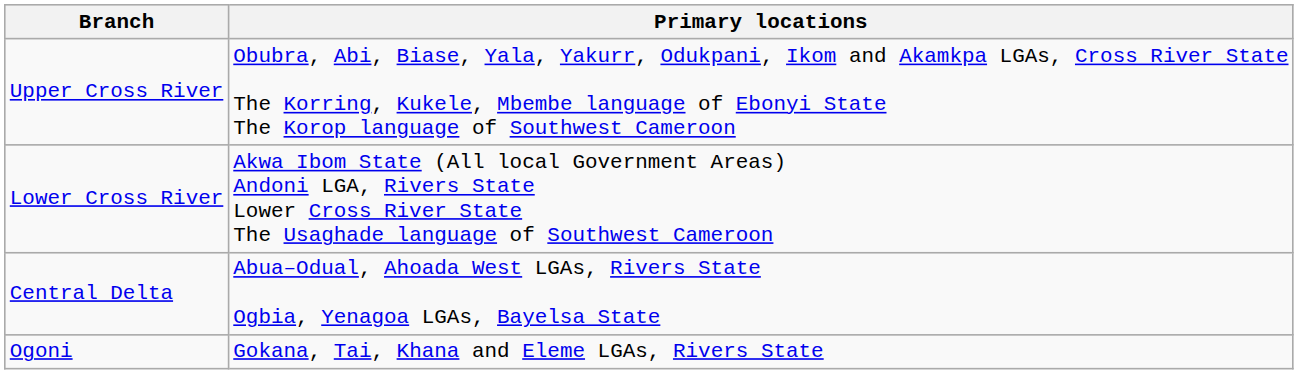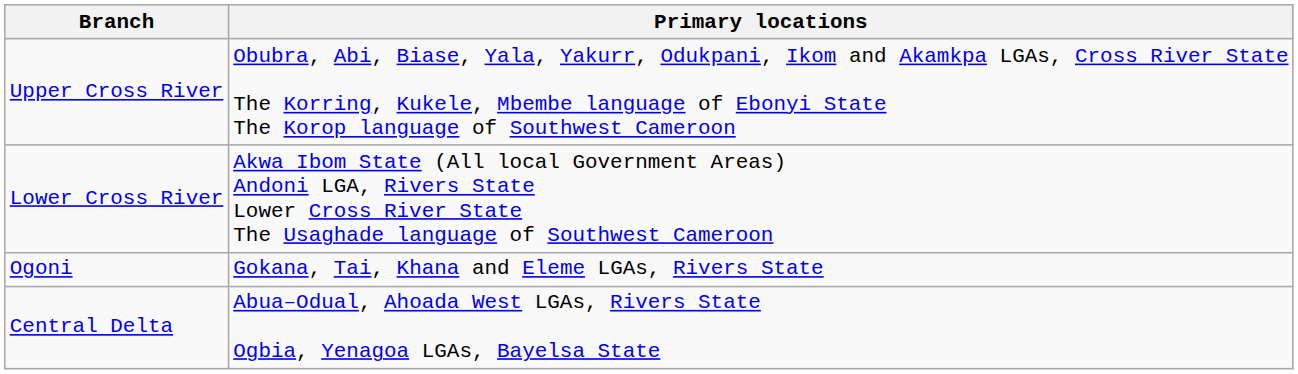 <table class="wikitable">
 <tr>
 <th>Branch</th>
 <th>Primary locations</th>
 </tr>
 <tr>
 <td><a href='#'>Upper Cross River</a></td>
 <td><a href='#'>Obubra</a>, <a href='#'>Abi</a>, <a href='#'>Biase</a>, <a href='#'>Yala</a>, <a href='#'>Yakurr</a>, <a href='#'>Odukpani</a>, <a href='#'>Ikom</a> and <a href='#'>Akamkpa</a> LGAs, <a href='#'>Cross River State</a><br><br>The <a href='#'>Korring</a>, <a href='#'>Kukele</a>, <a href='#'>Mbembe language</a> of <a href='#'>Ebonyi State</a><br> The <a href='#'>Korop language</a> of <a href='#'>Southwest Cameroon</a></td>
 </tr>
 <tr>
 <td><a href='#'>Lower Cross River</a></td>
 <td><a href='#'>Akwa Ibom State</a> (All local Government Areas)<br><a href='#'>Andoni</a> LGA, <a href='#'>Rivers State</a> <br>  Lower <a href='#'>Cross River State</a><br> The <a href='#'>Usaghade language</a> of <a href='#'>Southwest Cameroon</a></td>
 </tr>
 <tr>
+<td><a href='#'>Ogoni</a></td>
+<td><a href='#'>Gokana</a>, <a href='#'>Tai</a>, <a href='#'>Khana</a> and <a href='#'>Eleme</a> LGAs, <a href='#'>Rivers State</a></td>
+</tr>
+<tr>
 <td><a href='#'>Central Delta</a></td>
 <td><a href='#'>Abua–Odual</a>, <a href='#'>Ahoada West</a> LGAs, <a href='#'>Rivers State</a><br><br><a href='#'>Ogbia</a>, <a href='#'>Yenagoa</a> LGAs, <a href='#'>Bayelsa State</a></td>
 </tr>
-<tr>
-<td><a href='#'>Ogoni</a></td>
-<td><a href='#'>Gokana</a>, <a href='#'>Tai</a>, <a href='#'>Khana</a> and <a href='#'>Eleme</a> LGAs, <a href='#'>Rivers State</a></td>
-</tr>
 </table>
